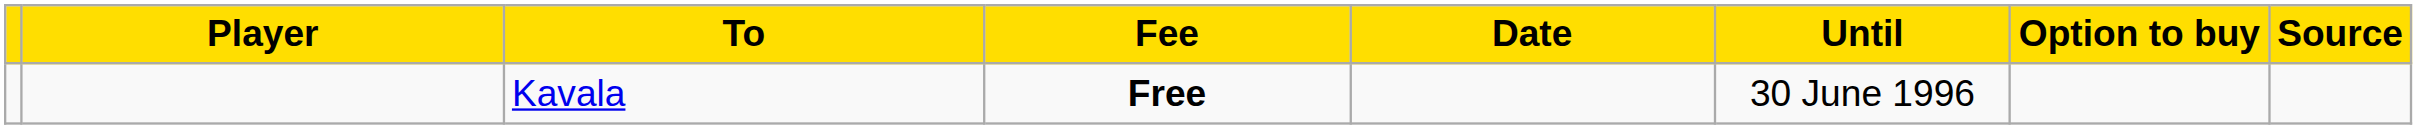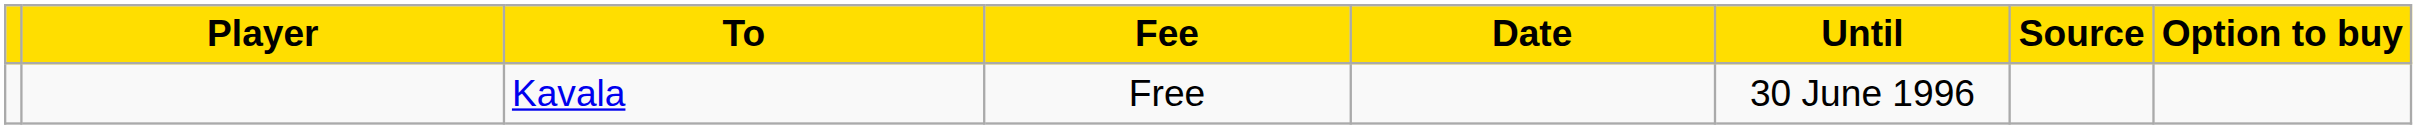 <table class="wikitable sortable">
 <tr>
 <th style="background:#FFDE00"></th>
 <th width=200 style="background:#FFDE00">Player</th>
 <th width=200 style="background:#FFDE00">To</th>
 <th width=150 style="background:#FFDE00">Fee</th>
 <th width=150 style="background:#FFDE00">Date</th>
 <th width=120 style="background:#FFDE00">Until</th>
+<th style="background:#FFDE00">Source</th>
 <th style="background:#FFDE00">Option to buy</th>
-<th style="background:#FFDE00">Source</th>
 </tr>
 <tr>
 <td align=center></td>
 <td></td>
 <td> <a href='#'>Kavala</a></td>
-<td align=center><strong>Free</strong></td>
+<td align=center>Free</td>
 <td align=center></td>
 <td align=center>30 June 1996</td>
 <td align=center></td>
 <td align=center></td>
 </tr>
 </table>
